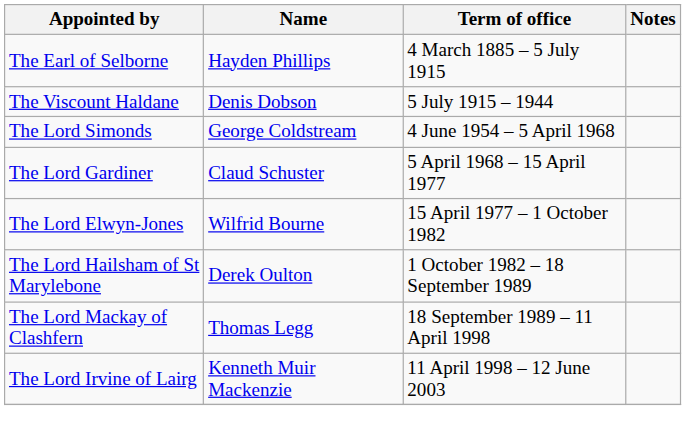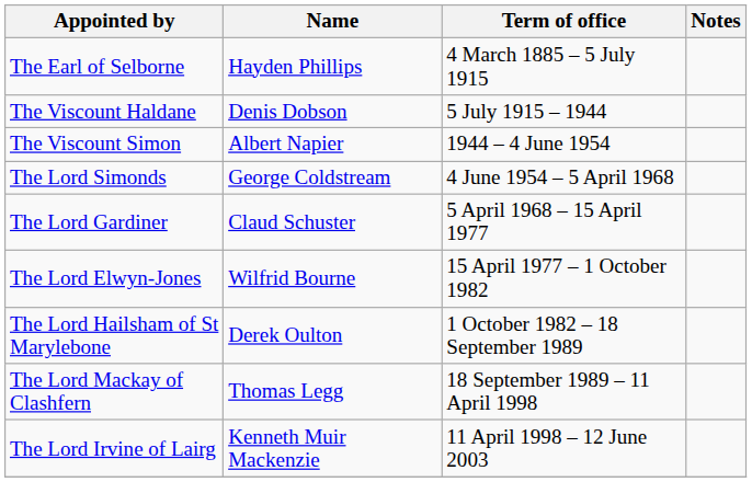 <table class="wikitable sortable" border="1" style="align:left;">
 <tr>
 <th width="160">Appointed by</th>
 <th width="160">Name</th>
 <th width="180">Term of office</th>
 <th width="1" class="unsortable">Notes</th>
 </tr>
 <tr>
 <td><a href='#'>The Earl of Selborne</a></td>
 <td><a href='#'>Hayden Phillips</a></td>
 <td>4 March 1885 – 5 July 1915</td>
 <td></td>
 </tr>
 <tr>
 <td><a href='#'>The Viscount Haldane</a></td>
 <td><a href='#'>Denis Dobson</a></td>
 <td>5 July 1915 – 1944</td>
+<td></td>
+</tr>
+<tr>
+<td><a href='#'>The Viscount Simon</a></td>
+<td><a href='#'>Albert Napier</a></td>
+<td>1944 – 4 June 1954</td>
 <td></td>
 </tr>
 <tr>
 <td><a href='#'>The Lord Simonds</a></td>
 <td><a href='#'>George Coldstream</a></td>
 <td>4 June 1954 – 5 April 1968</td>
 <td></td>
 </tr>
 <tr>
 <td><a href='#'>The Lord Gardiner</a></td>
 <td><a href='#'>Claud Schuster</a></td>
 <td>5 April 1968 – 15 April 1977</td>
 <td></td>
 </tr>
 <tr>
 <td><a href='#'>The Lord Elwyn-Jones</a></td>
 <td><a href='#'>Wilfrid Bourne</a></td>
 <td>15 April 1977 – 1 October 1982</td>
 <td></td>
 </tr>
 <tr>
 <td><a href='#'>The Lord Hailsham of St Marylebone</a></td>
 <td><a href='#'>Derek Oulton</a></td>
 <td>1 October 1982 – 18 September 1989</td>
 <td></td>
 </tr>
 <tr>
 <td><a href='#'>The Lord Mackay of Clashfern</a></td>
 <td><a href='#'>Thomas Legg</a></td>
 <td>18 September 1989 – 11 April 1998</td>
 <td></td>
 </tr>
 <tr>
 <td><a href='#'>The Lord Irvine of Lairg</a></td>
 <td><a href='#'>Kenneth Muir Mackenzie</a></td>
 <td>11 April 1998 – 12 June 2003</td>
 <td></td>
 </tr>
 <tr>
 </tr>
 </table>
